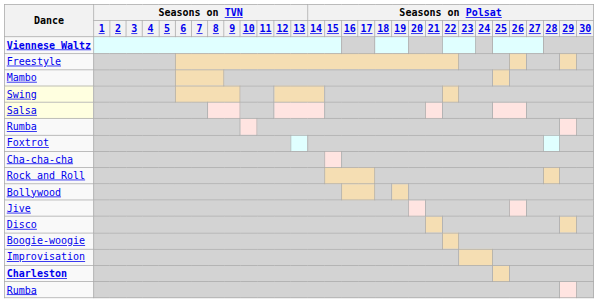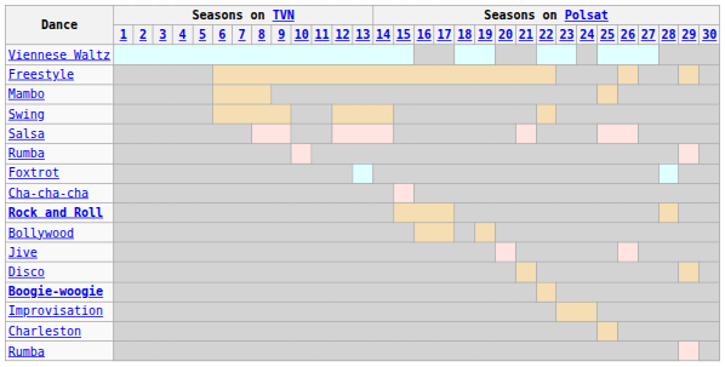 <table class="wikitable" style="margin:left; font-size:100%">
 <tr>
 <th rowspan="2">Dance</th>
 <th colspan="13">Seasons on <a href='#'>TVN</a></th>
 <th colspan="17">Seasons on <a href='#'>Polsat</a></th>
 </tr>
 <tr>
 <th width="15"><a href='#'>1</a></th>
 <th width="15"><a href='#'>2</a></th>
 <th width="15"><a href='#'>3</a></th>
 <th width="15"><a href='#'>4</a></th>
 <th width="15"><a href='#'>5</a></th>
 <th width="15"><a href='#'>6</a></th>
 <th width="15"><a href='#'>7</a></th>
 <th width="15"><a href='#'>8</a></th>
 <th width="15"><a href='#'>9</a></th>
 <th width="15"><a href='#'>10</a></th>
 <th width="15"><a href='#'>11</a></th>
 <th width="15"><a href='#'>12</a></th>
 <th width="15"><a href='#'>13</a></th>
 <th width="15"><a href='#'>14</a></th>
 <th width="15"><a href='#'>15</a></th>
 <th width="15"><a href='#'>16</a></th>
 <th width="15"><a href='#'>17</a></th>
 <th width="15"><a href='#'>18</a></th>
 <th width="15"><a href='#'>19</a></th>
 <th width="15"><a href='#'>20</a></th>
 <th width="15"><a href='#'>21</a></th>
 <th width="15"><a href='#'>22</a></th>
 <th width="15"><a href='#'>23</a></th>
 <th width="15"><a href='#'>24</a></th>
 <th width="15"><a href='#'>25</a></th>
 <th width="15"><a href='#'>26</a></th>
 <th width="15"><a href='#'>27</a></th>
 <th width="15"><a href='#'>28</a></th>
 <th width="15"><a href='#'>29</a></th>
 <th width="15"><a href='#'>30</a></th>
 </tr>
 <tr>
-<td><strong><a href='#'>Viennese Waltz</a></strong></td>
+<td><a href='#'>Viennese Waltz</a></td>
 <td colspan="15" style="background:#E0FFFF;"></td>
 <td colspan="2" style="background:lightgrey;"></td>
 <td colspan="2" style="background:#E0FFFF;"></td>
 <td colspan="2" style="background:lightgrey;"></td>
 <td colspan="2" style="background:#E0FFFF;"></td>
 <td colspan="1" style="background:lightgrey;"></td>
 <td colspan="3" style="background:#E0FFFF;"></td>
 <td colspan="3" style="background:lightgrey;"></td>
 </tr>
 <tr>
 <td><a href='#'>Freestyle</a></td>
 <td colspan="5" style="background:lightgrey;"></td>
 <td colspan="17" style="background:#F5DEB3;"></td>
 <td colspan="3" style="background:lightgrey;"></td>
 <td colspan="1" style="background:#F5DEB3;"></td>
 <td colspan="2" style="background:lightgrey;"></td>
 <td colspan="1" style="background:#F5DEB3;"></td>
 <td colspan="1" style="background:lightgrey;"></td>
 </tr>
 <tr>
 <td><a href='#'>Mambo</a></td>
 <td colspan="5" style="background:lightgrey;"></td>
 <td colspan="3" style="background:#F5DEB3;"></td>
 <td colspan="16" style="background:lightgrey;"></td>
 <td colspan="1" style="background:#F5DEB3;"></td>
 <td colspan="5" style="background:lightgrey;"></td>
 </tr>
 <tr>
-<td style="background: lightyellow;"><a href='#'>Swing</a></td>
+<td><a href='#'>Swing</a></td>
 <td colspan="5" style="background:lightgrey;"></td>
 <td colspan="4" style="background:#F5DEB3;"></td>
 <td colspan="2" style="background:lightgrey;"></td>
 <td colspan="3" style="background:#F5DEB3;"></td>
 <td colspan="7" style="background:lightgrey;"></td>
 <td colspan="1" style="background:#F5DEB3;"></td>
 <td colspan="8" style="background:lightgrey;"></td>
 </tr>
 <tr>
-<td style="background: lightyellow;"><a href='#'>Salsa</a></td>
+<td><a href='#'>Salsa</a></td>
 <td colspan="7" style="background:lightgrey;"></td>
 <td colspan="2" style="background:#FFE4E1;"></td>
 <td colspan="2" style="background:lightgrey;"></td>
 <td colspan="3" style="background:#FFE4E1;"></td>
 <td colspan="6" style="background:lightgrey;"></td>
 <td colspan="1" style="background:#FFE4E1;"></td>
 <td colspan="3" style="background:lightgrey;"></td>
 <td colspan="2" style="background:#FFE4E1;"></td>
 <td colspan="4" style="background:lightgrey;"></td>
 </tr>
 <tr>
 <td><a href='#'>Rumba</a></td>
 <td colspan="9" style="background:lightgrey;"></td>
 <td colspan="1" style="background:#FFE4E1;"></td>
 <td colspan="18" style="background:lightgrey;"></td>
 <td colspan="1" style="background:#FFE4E1;"></td>
 <td colspan="1" style="background:lightgrey;"></td>
 </tr>
 <tr>
 <td><a href='#'>Foxtrot</a></td>
 <td colspan="12" style="background:lightgrey;"></td>
 <td colspan="1" style="background:#E0FFFF;"></td>
 <td colspan="14" style="background:lightgrey;"></td>
 <td colspan="1" style="background:#E0FFFF;"></td>
 <td colspan="2" style="background:lightgrey;"></td>
 </tr>
 <tr>
 <td><a href='#'>Cha-cha-cha</a></td>
 <td colspan="14" style="background:lightgrey;"></td>
 <td colspan="1" style="background:#FFE4E1;"></td>
 <td colspan="15" style="background:lightgrey;"></td>
 </tr>
 <tr>
-<td><a href='#'>Rock and Roll</a></td>
+<td><strong><a href='#'>Rock and Roll</a></strong></td>
 <td colspan="14" style="background:lightgrey;"></td>
 <td colspan="3" style="background:#F5DEB3;"></td>
 <td colspan="10" style="background:lightgrey;"></td>
 <td colspan="1" style="background:#F5DEB3;"></td>
 <td colspan="2" style="background:lightgrey;"></td>
 </tr>
 <tr>
 <td><a href='#'>Bollywood</a></td>
 <td colspan="15" style="background:lightgrey;"></td>
 <td colspan="2" style="background:#F5DEB3;"></td>
 <td colspan="1" style="background:lightgrey;"></td>
 <td colspan="1" style="background:#F5DEB3;"></td>
 <td colspan="11" style="background:lightgrey;"></td>
 </tr>
 <tr>
 <td><a href='#'>Jive</a></td>
 <td colspan="19" style="background:lightgrey;"></td>
 <td colspan="1" style="background:#FFE4E1;"></td>
 <td colspan="5" style="background:lightgrey;"></td>
 <td colspan="1" style="background:#FFE4E1;"></td>
 <td colspan="4" style="background:lightgrey;"></td>
 </tr>
 <tr>
 <td><a href='#'>Disco</a></td>
 <td colspan="20" style="background:lightgrey;"></td>
 <td colspan="1" style="background:#F5DEB3;"></td>
 <td colspan="7" style="background:lightgrey;"></td>
 <td colspan="1" style="background:#F5DEB3;"></td>
 <td colspan="1" style="background:lightgrey;"></td>
 </tr>
 <tr>
-<td><a href='#'>Boogie-woogie</a></td>
+<td><strong><a href='#'>Boogie-woogie</a></strong></td>
 <td colspan="21" style="background:lightgrey;"></td>
 <td colspan="1" style="background:#F5DEB3;"></td>
 <td colspan="8" style="background:lightgrey;"></td>
 </tr>
 <tr>
 <td><a href='#'>Improvisation</a></td>
 <td colspan="22" style="background:lightgrey;"></td>
 <td colspan="2" style="background:#F5DEB3;"></td>
 <td colspan="6" style="background:lightgrey;"></td>
 </tr>
 <tr>
-<td><strong><a href='#'>Charleston</a></strong></td>
+<td><a href='#'>Charleston</a></td>
 <td colspan="24" style="background:lightgrey;"></td>
 <td colspan="1" style="background:#F5DEB3;"></td>
 <td colspan="5" style="background:lightgrey;"></td>
 </tr>
 <tr>
 <td><a href='#'>Rumba</a></td>
 <td colspan="28" style="background:lightgrey;"></td>
 <td colspan="1" style="background:#FFE4E1;"></td>
 <td colspan="1" style="background:lightgrey;"></td>
 </tr>
 </table>
